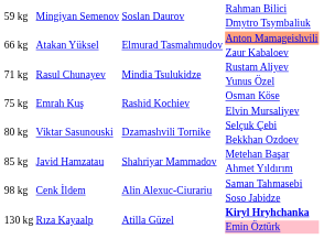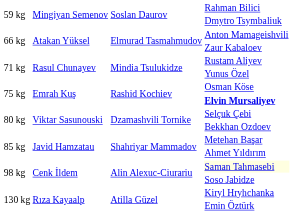 <table>
 <tr>
 <td rowspan=2>59 kg</td>
 <td rowspan=2> <a href='#'>Mingiyan Semenov</a></td>
 <td rowspan=2> <a href='#'>Soslan Daurov</a></td>
 <td> <a href='#'>Rahman Bilici</a></td>
 </tr>
 <tr>
 <td> <a href='#'>Dmytro Tsymbaliuk</a></td>
 </tr>
 <tr>
 <td rowspan=2>66 kg</td>
 <td rowspan=2> <a href='#'>Atakan Yüksel</a></td>
 <td rowspan=2> <a href='#'>Elmurad Tasmahmudov</a></td>
-<td style="background: lightsalmon;"> <a href='#'>Anton Mamageishvili</a></td>
+<td> <a href='#'>Anton Mamageishvili</a></td>
 </tr>
 <tr>
 <td> <a href='#'>Zaur Kabaloev</a></td>
 </tr>
 <tr>
 <td rowspan=2>71 kg</td>
 <td rowspan=2> <a href='#'>Rasul Chunayev</a></td>
 <td rowspan=2> <a href='#'>Mindia Tsulukidze</a></td>
 <td> <a href='#'>Rustam Aliyev</a></td>
 </tr>
 <tr>
 <td> <a href='#'>Yunus Özel</a></td>
 </tr>
 <tr>
 <td rowspan=2>75 kg</td>
 <td rowspan=2> <a href='#'>Emrah Kuş</a></td>
 <td rowspan=2> <a href='#'>Rashid Kochiev</a></td>
 <td> <a href='#'>Osman Köse</a></td>
 </tr>
 <tr>
-<td> <a href='#'>Elvin Mursaliyev</a></td>
+<td><strong> <a href='#'>Elvin Mursaliyev</a></strong></td>
 </tr>
 <tr>
 <td rowspan=2>80 kg</td>
 <td rowspan=2> <a href='#'>Viktar Sasunouski</a></td>
 <td rowspan=2> <a href='#'>Dzamashvili Tornike</a></td>
 <td> <a href='#'>Selçuk Çebi</a></td>
 </tr>
 <tr>
 <td> <a href='#'>Bekkhan Ozdoev</a></td>
 </tr>
 <tr>
 <td rowspan=2>85 kg</td>
 <td rowspan=2> <a href='#'>Javid Hamzatau</a></td>
 <td rowspan=2> <a href='#'>Shahriyar Mammadov</a></td>
 <td> <a href='#'>Metehan Başar</a></td>
 </tr>
 <tr>
 <td> <a href='#'>Ahmet Yıldırım</a></td>
 </tr>
 <tr>
 <td rowspan=2>98 kg</td>
 <td rowspan=2> <a href='#'>Cenk İldem</a></td>
 <td rowspan=2> <a href='#'>Alin Alexuc-Ciurariu</a></td>
-<td> <a href='#'>Saman Tahmasebi</a></td>
+<td style="background: lightyellow;"> <a href='#'>Saman Tahmasebi</a></td>
 </tr>
 <tr>
 <td> <a href='#'>Soso Jabidze</a></td>
 </tr>
 <tr>
 <td rowspan=2>130 kg</td>
 <td rowspan=2> <a href='#'>Rıza Kayaalp</a></td>
 <td rowspan=2> <a href='#'>Atilla Güzel</a></td>
-<td><strong> <a href='#'>Kiryl Hryhchanka</a></strong></td>
+<td> <a href='#'>Kiryl Hryhchanka</a></td>
 </tr>
 <tr>
-<td style="background: pink;"> <a href='#'>Emin Öztürk</a></td>
+<td> <a href='#'>Emin Öztürk</a></td>
 </tr>
 <tr>
 </tr>
 </table>
